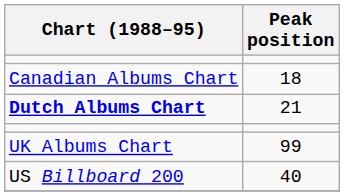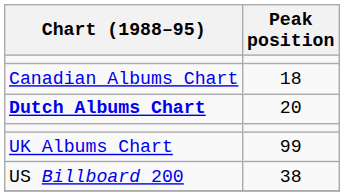 <table class="wikitable sortable">
 <tr>
 <th>Chart (1988–95)</th>
 <th>Peak<br>position</th>
 </tr>
 <tr>
 <td></td>
 </tr>
 <tr>
 <td><a href='#'>Canadian Albums Chart</a></td>
 <td align="center">18</td>
 </tr>
 <tr>
 <td><strong><a href='#'>Dutch Albums Chart</a></strong></td>
-<td align="center">21</td>
+<td align="center">20</td>
 </tr>
 <tr>
 <td></td>
 </tr>
 <tr>
 <td><a href='#'>UK Albums Chart</a></td>
 <td align="center">99</td>
 </tr>
 <tr>
 <td>US <a href='#'><em>Billboard</em> 200</a></td>
-<td align="center">40</td>
+<td align="center">38</td>
 </tr>
 <tr>
 </tr>
 </table>
